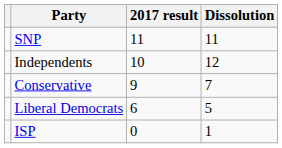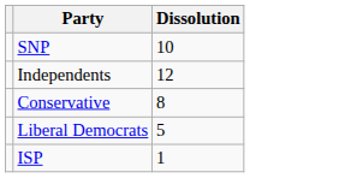 <table class="wikitable">
 <tr>
 <th></th>
 <th scope="col">Party</th>
-<th scope="col">2017 result</th>
 <th scope="col">Dissolution</th>
 </tr>
 <tr>
 <td style="background:"></td>
 <td scope="row"><a href='#'>SNP</a></td>
-<td>11</td>
-<td>11</td>
+<td>10</td>
 </tr>
 <tr>
 <td style="background:"></td>
 <td scope="row">Independents</td>
-<td>10</td>
 <td>12</td>
 </tr>
 <tr>
 <td style="background:"></td>
 <td scope="row"><a href='#'>Conservative</a></td>
-<td>9</td>
-<td>7</td>
+<td>8</td>
 </tr>
 <tr>
 <td style="background:"></td>
 <td scope="row"><a href='#'>Liberal Democrats</a></td>
-<td>6</td>
 <td>5</td>
 </tr>
 <tr>
 <td style="background:"></td>
 <td scope="row"><a href='#'>ISP</a></td>
-<td>0</td>
 <td>1</td>
 </tr>
 </table>
